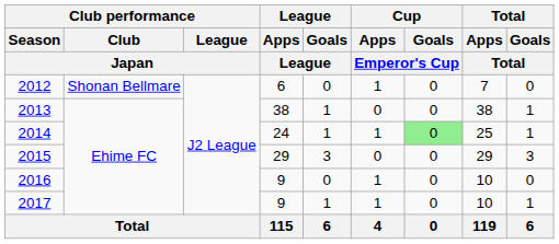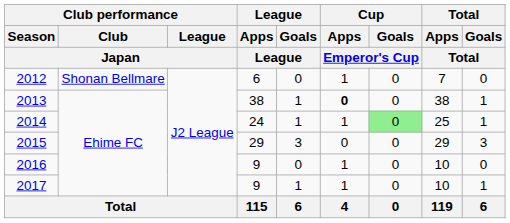 <table class="wikitable" style="text-align:center;">
 <tr>
 <th colspan=3>Club performance</th>
 <th colspan=2>League</th>
 <th colspan=2>Cup</th>
 <th colspan=2>Total</th>
 </tr>
 <tr>
 <th>Season</th>
 <th>Club</th>
 <th>League</th>
 <th>Apps</th>
 <th>Goals</th>
 <th>Apps</th>
 <th>Goals</th>
 <th>Apps</th>
 <th>Goals</th>
 </tr>
 <tr>
 <th colspan=3>Japan</th>
 <th colspan=2>League</th>
 <th colspan=2><a href='#'>Emperor's Cup</a></th>
 <th colspan=2>Total</th>
 </tr>
 <tr>
 <td><a href='#'>2012</a></td>
 <td><a href='#'>Shonan Bellmare</a></td>
 <td rowspan="6"><a href='#'>J2 League</a></td>
 <td>6</td>
 <td>0</td>
 <td>1</td>
 <td>0</td>
 <td>7</td>
 <td>0</td>
 </tr>
 <tr>
 <td><a href='#'>2013</a></td>
 <td rowspan="5"><a href='#'>Ehime FC</a></td>
 <td>38</td>
 <td>1</td>
-<td>0</td>
+<td><strong>0</strong></td>
 <td>0</td>
 <td>38</td>
 <td>1</td>
 </tr>
 <tr>
 <td><a href='#'>2014</a></td>
 <td>24</td>
 <td>1</td>
 <td>1</td>
 <td style="background: lightgreen;">0</td>
 <td>25</td>
 <td>1</td>
 </tr>
 <tr>
 <td><a href='#'>2015</a></td>
 <td>29</td>
 <td>3</td>
 <td>0</td>
 <td>0</td>
 <td>29</td>
 <td>3</td>
 </tr>
 <tr>
 <td><a href='#'>2016</a></td>
 <td>9</td>
 <td>0</td>
 <td>1</td>
 <td>0</td>
 <td>10</td>
 <td>0</td>
 </tr>
 <tr>
 <td><a href='#'>2017</a></td>
 <td>9</td>
 <td>1</td>
 <td>1</td>
 <td>0</td>
 <td>10</td>
 <td>1</td>
 </tr>
 <tr>
 <th colspan=3>Total</th>
 <th>115</th>
 <th>6</th>
 <th>4</th>
 <th>0</th>
 <th>119</th>
 <th>6</th>
 </tr>
 </table>
